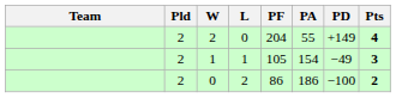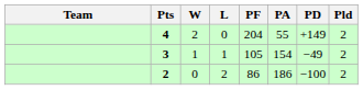 <table class="wikitable" style="text-align:center;">
 <tr>
 <th width=180>Team</th>
-<th width=30>Pld</th>
+<th width=30>Pts</th>
 <th width=30>W</th>
 <th width=30>L</th>
 <th width=30>PF</th>
 <th width=30>PA</th>
 <th width=30>PD</th>
-<th width=30>Pts</th>
+<th width=30>Pld</th>
 </tr>
 <tr bgcolor="#ccffcc">
 <td align=left></td>
-<td>2</td>
+<td><strong>4</strong></td>
 <td>2</td>
 <td>0</td>
 <td>204</td>
 <td>55</td>
 <td>+149</td>
-<td><strong>4</strong></td>
+<td>2</td>
 </tr>
 <tr bgcolor="#ccffcc">
 <td align=left></td>
-<td>2</td>
+<td><strong>3</strong></td>
 <td>1</td>
 <td>1</td>
 <td>105</td>
 <td>154</td>
 <td>−49</td>
-<td><strong>3</strong></td>
+<td>2</td>
 </tr>
 <tr bgcolor="#ccffcc">
 <td align=left></td>
-<td>2</td>
+<td><strong>2</strong></td>
 <td>0</td>
 <td>2</td>
 <td>86</td>
 <td>186</td>
 <td>−100</td>
-<td><strong>2</strong></td>
+<td>2</td>
 </tr>
 </table>
